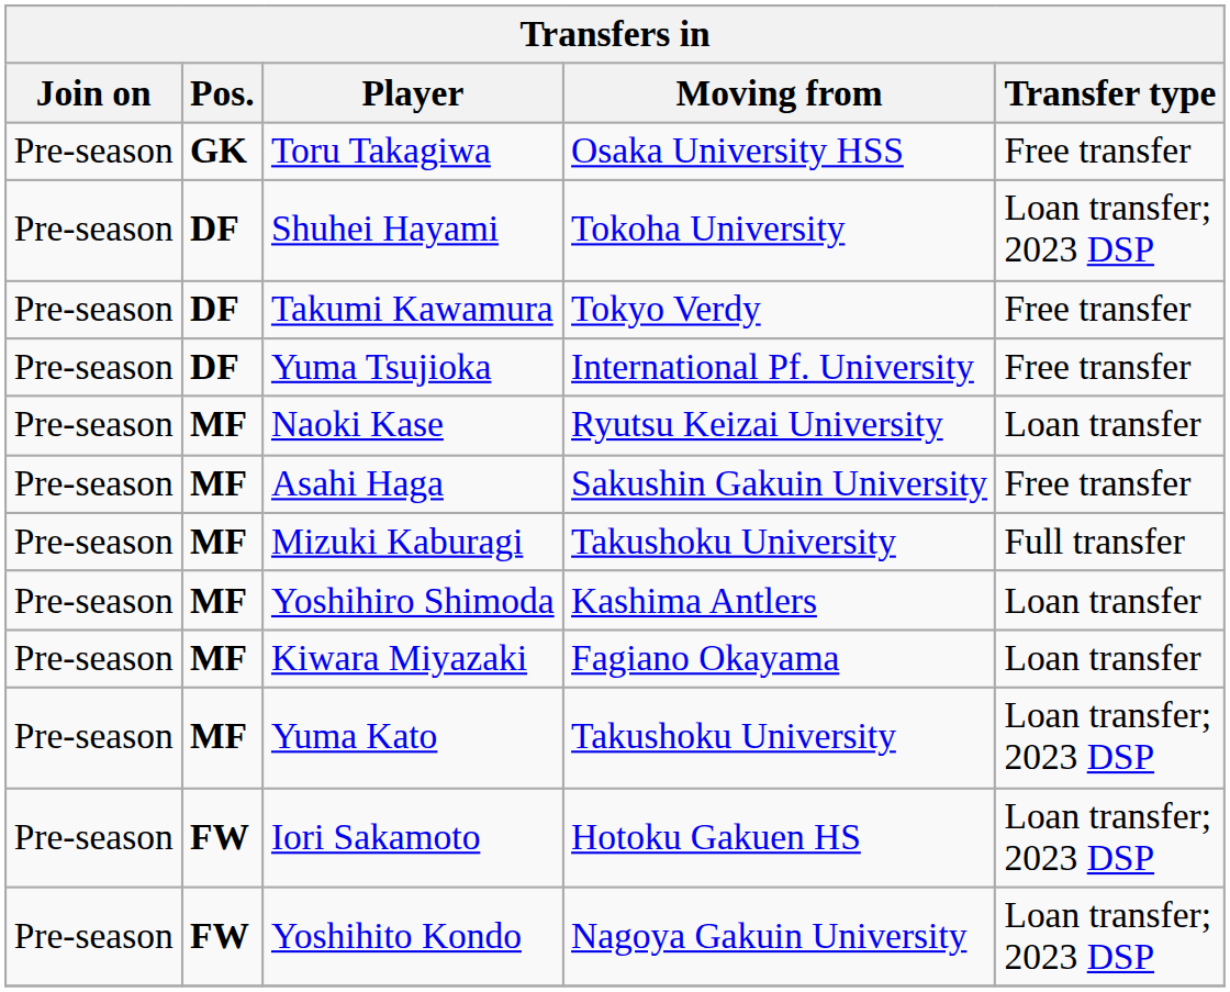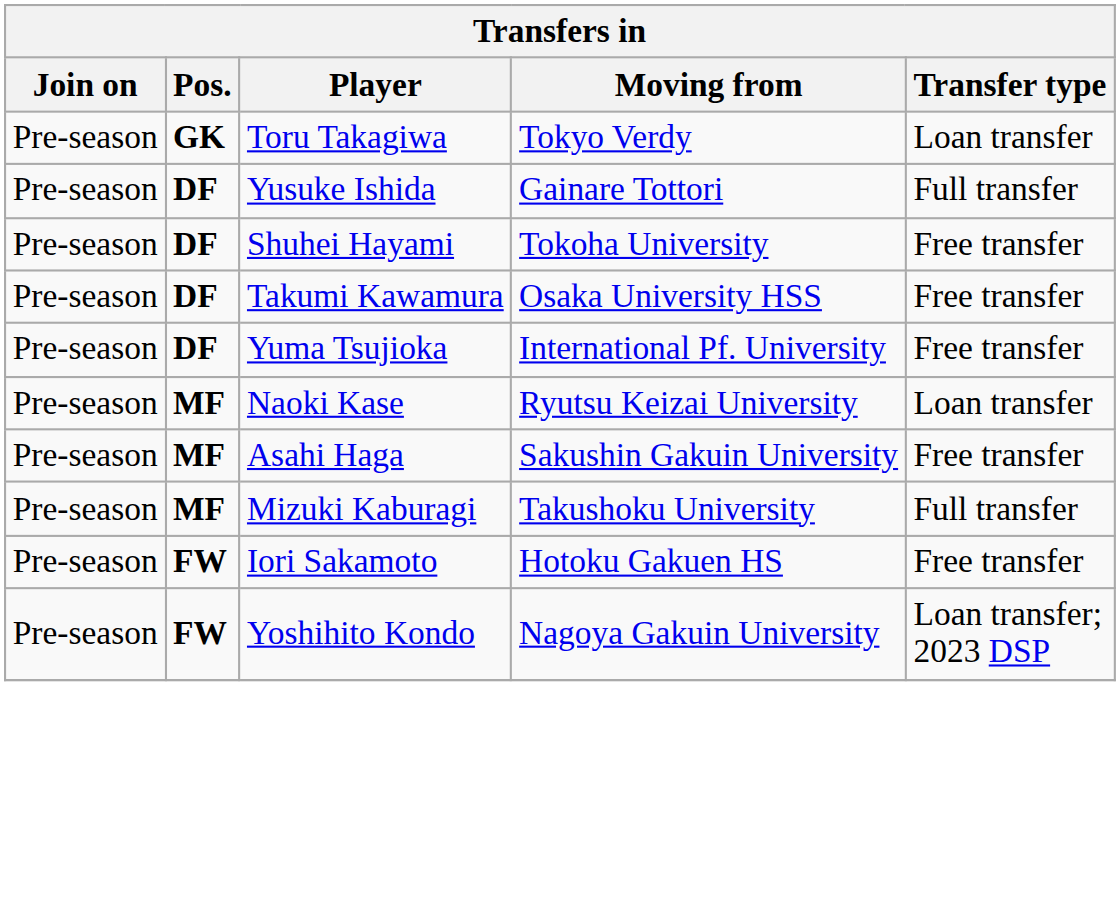 <table class="wikitable sortable" style=“text-align:left;>
 <tr>
 <th colspan="5">Transfers in</th>
 </tr>
 <tr>
 <th>Join on</th>
 <th>Pos.</th>
 <th>Player</th>
 <th>Moving from</th>
 <th>Transfer type</th>
 </tr>
 <tr>
 <td>Pre-season</td>
 <td><strong>GK</strong></td>
 <td> <a href='#'>Toru Takagiwa</a></td>
-<td> <a href='#'>Osaka University HSS</a></td>
-<td>Free transfer</td>
+<td> <a href='#'>Tokyo Verdy</a></td>
+<td>Loan transfer</td>
+</tr>
+<tr>
+<td>Pre-season</td>
+<td><strong>DF</strong></td>
+<td> <a href='#'>Yusuke Ishida</a></td>
+<td> <a href='#'>Gainare Tottori</a></td>
+<td>Full transfer</td>
 </tr>
 <tr>
 <td>Pre-season</td>
 <td><strong>DF</strong></td>
 <td> <a href='#'>Shuhei Hayami</a></td>
 <td> <a href='#'>Tokoha University</a></td>
-<td>Loan transfer;<br> 2023 <a href='#'>DSP</a></td>
+<td>Free transfer</td>
 </tr>
 <tr>
 <td>Pre-season</td>
 <td><strong>DF</strong></td>
 <td> <a href='#'>Takumi Kawamura</a></td>
-<td> <a href='#'>Tokyo Verdy</a></td>
+<td> <a href='#'>Osaka University HSS</a></td>
 <td>Free transfer</td>
 </tr>
 <tr>
 <td>Pre-season</td>
 <td><strong>DF</strong></td>
 <td> <a href='#'>Yuma Tsujioka</a></td>
 <td> <a href='#'>International Pf. University</a></td>
 <td>Free transfer</td>
 </tr>
 <tr>
 <td>Pre-season</td>
 <td><strong>MF</strong></td>
 <td> <a href='#'>Naoki Kase</a></td>
 <td> <a href='#'>Ryutsu Keizai University</a></td>
 <td>Loan transfer</td>
 </tr>
 <tr>
 <td>Pre-season</td>
 <td><strong>MF</strong></td>
 <td> <a href='#'>Asahi Haga</a></td>
 <td> <a href='#'>Sakushin Gakuin University</a></td>
 <td>Free transfer</td>
 </tr>
 <tr>
 <td>Pre-season</td>
 <td><strong>MF</strong></td>
 <td> <a href='#'>Mizuki Kaburagi</a></td>
 <td> <a href='#'>Takushoku University</a></td>
 <td>Full transfer</td>
 </tr>
 <tr>
 <td>Pre-season</td>
-<td><strong>MF</strong></td>
-<td> <a href='#'>Yoshihiro Shimoda</a></td>
-<td> <a href='#'>Kashima Antlers</a></td>
-<td>Loan transfer</td>
-</tr>
-<tr>
-<td>Pre-season</td>
-<td><strong>MF</strong></td>
-<td> <a href='#'>Kiwara Miyazaki</a></td>
-<td> <a href='#'>Fagiano Okayama</a></td>
-<td>Loan transfer</td>
-</tr>
-<tr>
-<td>Pre-season</td>
-<td><strong>MF</strong></td>
-<td> <a href='#'>Yuma Kato</a></td>
-<td> <a href='#'>Takushoku University</a></td>
-<td>Loan transfer;<br> 2023 <a href='#'>DSP</a></td>
-</tr>
-<tr>
-<td>Pre-season</td>
 <td><strong>FW</strong></td>
 <td> <a href='#'>Iori Sakamoto</a></td>
 <td> <a href='#'>Hotoku Gakuen HS</a></td>
-<td>Loan transfer;<br> 2023 <a href='#'>DSP</a></td>
+<td>Free transfer</td>
 </tr>
 <tr>
 <td>Pre-season</td>
 <td><strong>FW</strong></td>
 <td> <a href='#'>Yoshihito Kondo</a></td>
 <td> <a href='#'>Nagoya Gakuin University</a></td>
 <td>Loan transfer;<br> 2023 <a href='#'>DSP</a></td>
 </tr>
 <tr>
 </tr>
 </table>
